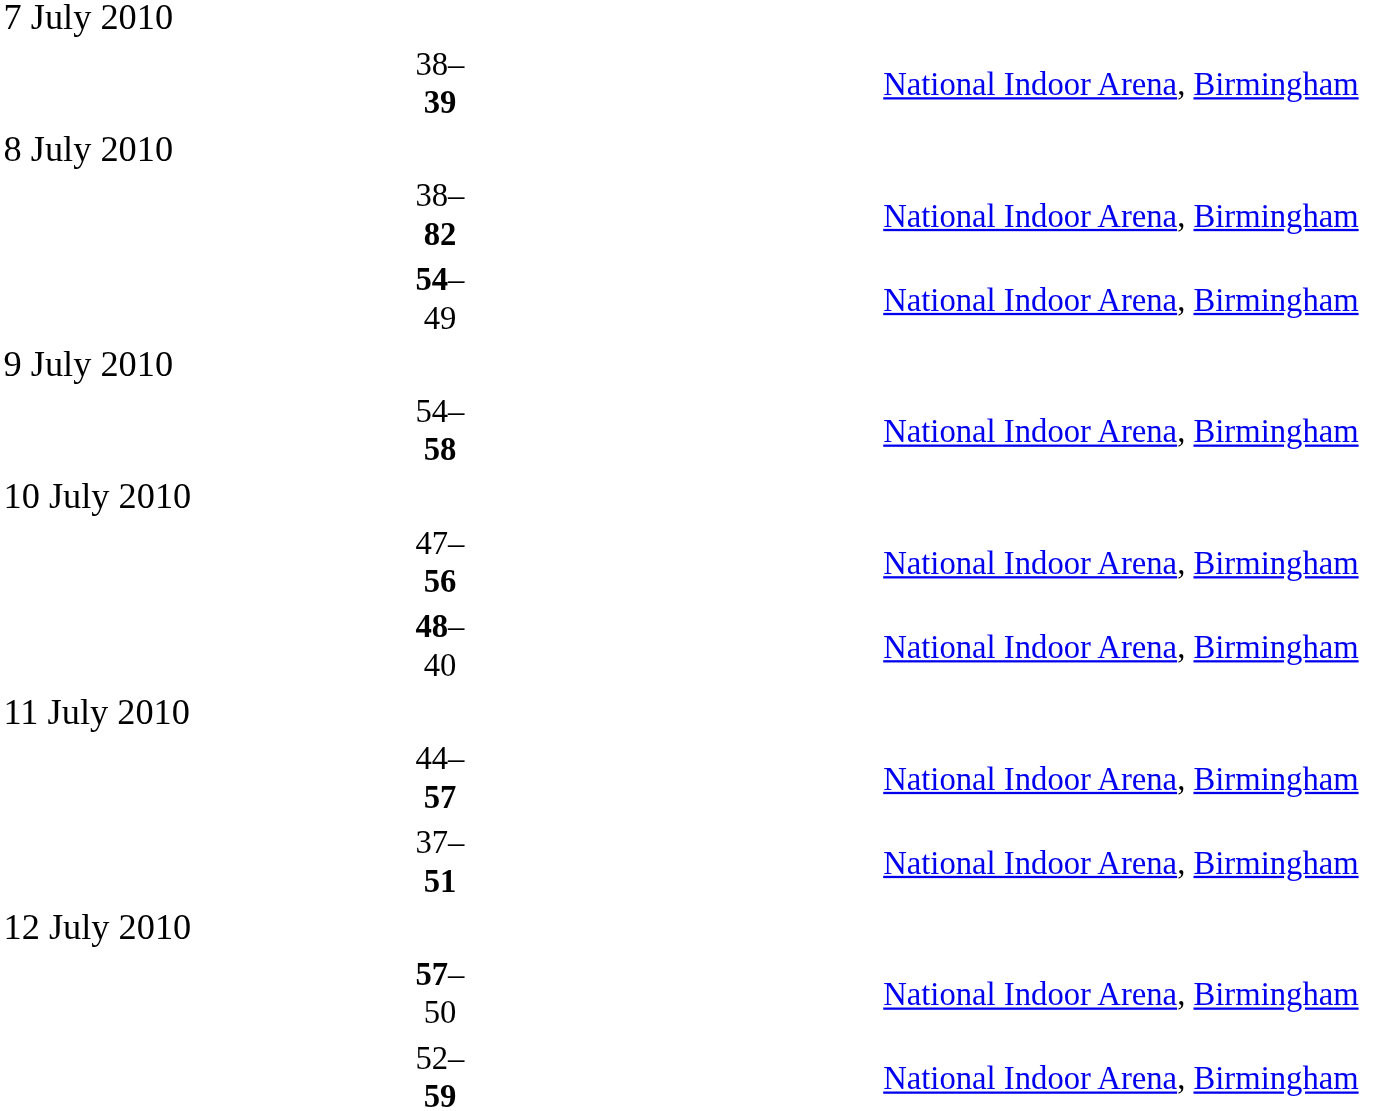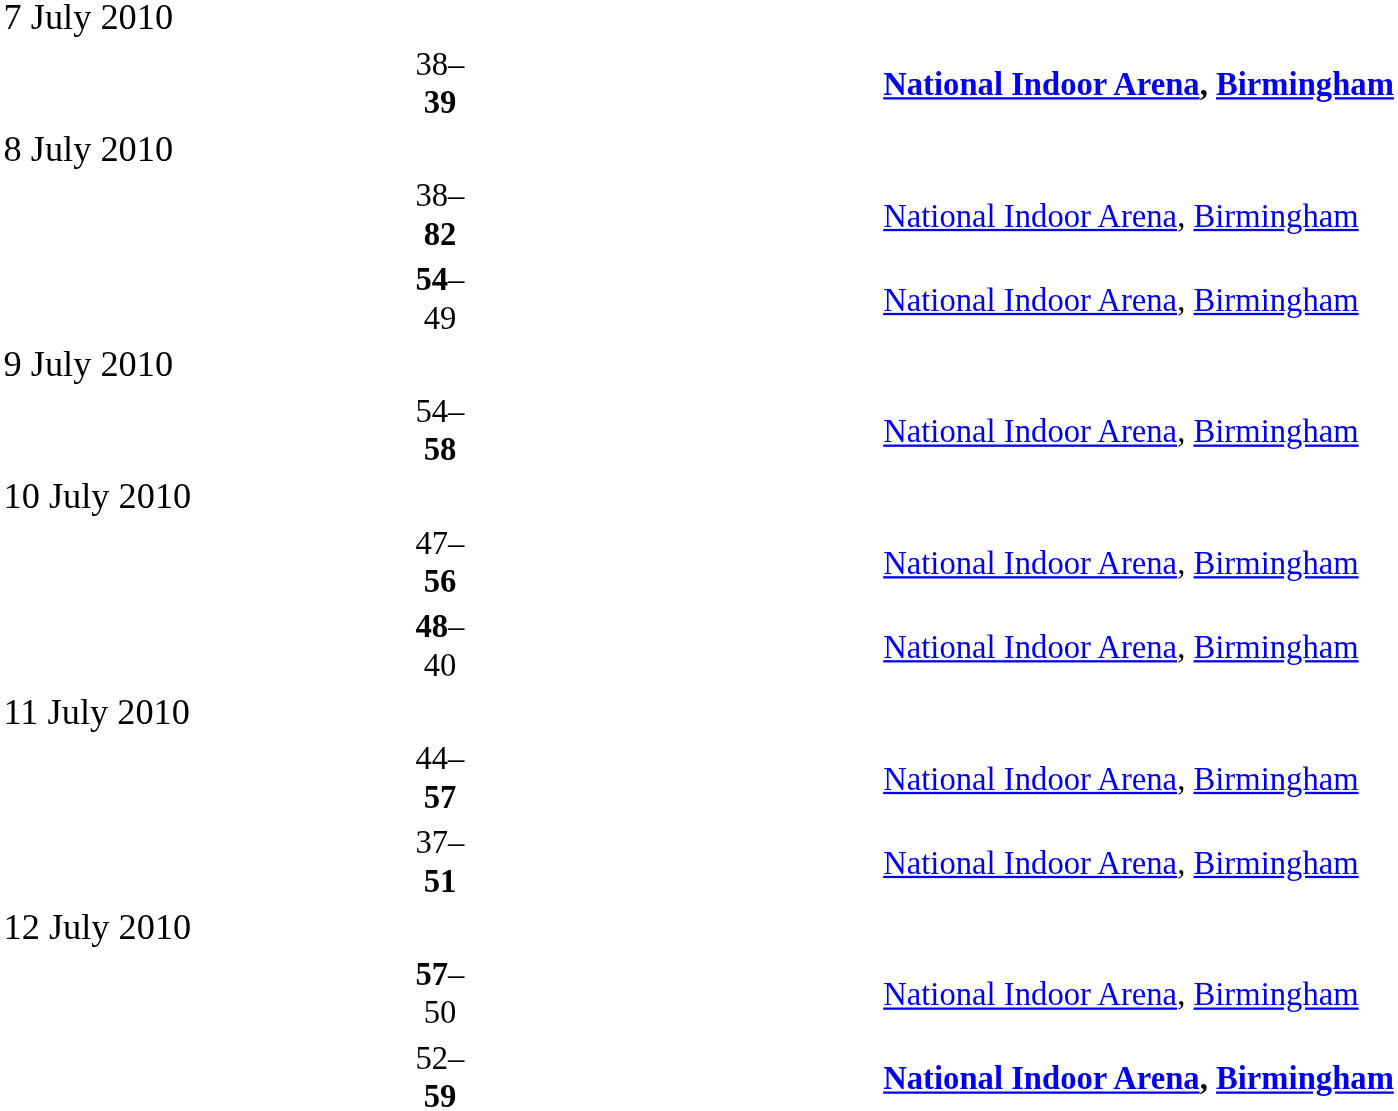 <table width=100% cellspacing=1>
 <tr>
 <th width=25%></th>
 <th width=3%></th>
 <th width=6%></th>
 <th width=3%></th>
 <th width=25%></th>
 </tr>
 <tr>
 <td>7 July 2010</td>
 </tr>
 <tr style=font-size:90%>
 <td align=right></td>
 <td></td>
 <td align=center>38–<strong>39</strong></td>
 <td></td>
 <td><strong></strong></td>
-<td><a href='#'>National Indoor Arena</a>, <a href='#'>Birmingham</a></td>
+<td><strong><a href='#'>National Indoor Arena</a>, <a href='#'>Birmingham</a></strong></td>
 </tr>
 <tr>
 <td>8 July 2010</td>
 </tr>
 <tr style=font-size:90%>
 <td align=right></td>
 <td></td>
 <td align=center>38–<strong>82</strong></td>
 <td></td>
 <td><strong></strong></td>
 <td><a href='#'>National Indoor Arena</a>, <a href='#'>Birmingham</a></td>
 </tr>
 <tr style=font-size:90%>
 <td align=right><strong></strong></td>
 <td></td>
 <td align=center><strong>54</strong>–49</td>
 <td></td>
 <td></td>
 <td><a href='#'>National Indoor Arena</a>, <a href='#'>Birmingham</a></td>
 </tr>
 <tr>
 <td>9 July 2010</td>
 </tr>
 <tr style=font-size:90%>
 <td align=right></td>
 <td></td>
 <td align=center>54–<strong>58</strong></td>
 <td></td>
 <td><strong></strong></td>
 <td><a href='#'>National Indoor Arena</a>, <a href='#'>Birmingham</a></td>
 </tr>
 <tr>
 <td>10 July 2010</td>
 </tr>
 <tr style=font-size:90%>
 <td align=right></td>
 <td></td>
 <td align=center>47–<strong>56</strong></td>
 <td></td>
 <td><strong></strong></td>
 <td><a href='#'>National Indoor Arena</a>, <a href='#'>Birmingham</a></td>
 </tr>
 <tr style=font-size:90%>
 <td align=right><strong></strong></td>
 <td></td>
 <td align=center><strong>48</strong>–40</td>
 <td></td>
 <td></td>
 <td><a href='#'>National Indoor Arena</a>, <a href='#'>Birmingham</a></td>
 </tr>
 <tr>
 <td>11 July 2010</td>
 </tr>
 <tr style=font-size:90%>
 <td align=right></td>
 <td></td>
 <td align=center>44–<strong>57</strong></td>
 <td></td>
 <td><strong></strong></td>
 <td><a href='#'>National Indoor Arena</a>, <a href='#'>Birmingham</a></td>
 </tr>
 <tr style=font-size:90%>
 <td align=right></td>
 <td></td>
 <td align=center>37–<strong>51</strong></td>
 <td></td>
 <td><strong></strong></td>
 <td><a href='#'>National Indoor Arena</a>, <a href='#'>Birmingham</a></td>
 </tr>
 <tr>
 <td>12 July 2010</td>
 </tr>
 <tr style=font-size:90%>
 <td align=right><strong></strong></td>
 <td></td>
 <td align=center><strong>57</strong>–50</td>
 <td></td>
 <td></td>
 <td><a href='#'>National Indoor Arena</a>, <a href='#'>Birmingham</a></td>
 </tr>
 <tr style=font-size:90%>
 <td align=right></td>
 <td></td>
 <td align=center>52–<strong>59</strong></td>
 <td></td>
 <td><strong></strong></td>
-<td><a href='#'>National Indoor Arena</a>, <a href='#'>Birmingham</a></td>
+<td><strong><a href='#'>National Indoor Arena</a>, <a href='#'>Birmingham</a></strong></td>
 </tr>
 </table>
